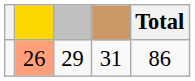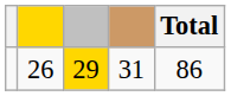 <table class="wikitable">
 <tr>
 <th></th>
 <th style="background-color:gold">        </th>
 <th style="background-color:silver">      </th>
 <th style="background-color:#CC9966">      </th>
 <th>Total</th>
 </tr>
 <tr align="center">
 <td></td>
-<td style="background: lightsalmon;">26</td>
-<td>29</td>
+<td>26</td>
+<td style="background: gold;">29</td>
 <td>31</td>
 <td>86</td>
 </tr>
 </table>
